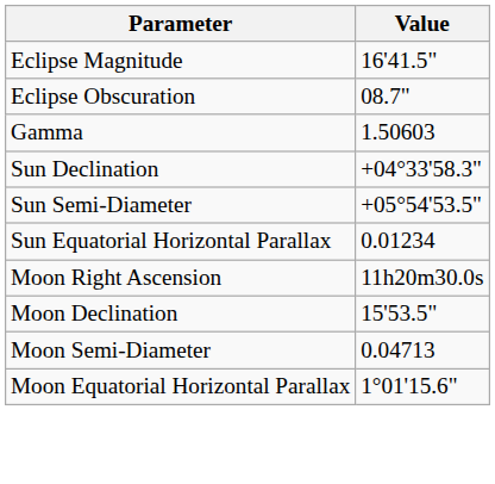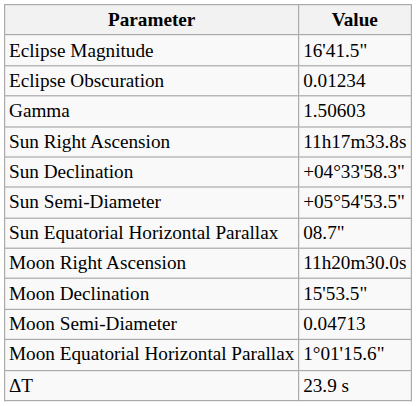 <table class="wikitable">
 <tr>
 <th>Parameter</th>
 <th>Value</th>
 </tr>
 <tr>
 <td>Eclipse Magnitude</td>
 <td>16'41.5"</td>
 </tr>
 <tr>
 <td>Eclipse Obscuration</td>
-<td>08.7"</td>
+<td>0.01234</td>
 </tr>
 <tr>
 <td>Gamma</td>
 <td>1.50603</td>
+</tr>
+<tr>
+<td>Sun Right Ascension</td>
+<td>11h17m33.8s</td>
 </tr>
 <tr>
 <td>Sun Declination</td>
 <td>+04°33'58.3"</td>
 </tr>
 <tr>
 <td>Sun Semi-Diameter</td>
 <td>+05°54'53.5"</td>
 </tr>
 <tr>
 <td>Sun Equatorial Horizontal Parallax</td>
-<td>0.01234</td>
+<td>08.7"</td>
 </tr>
 <tr>
 <td>Moon Right Ascension</td>
 <td>11h20m30.0s</td>
 </tr>
 <tr>
 <td>Moon Declination</td>
 <td>15'53.5"</td>
 </tr>
 <tr>
 <td>Moon Semi-Diameter</td>
 <td>0.04713</td>
 </tr>
 <tr>
 <td>Moon Equatorial Horizontal Parallax</td>
 <td>1°01'15.6"</td>
 </tr>
+<tr>
+<td>ΔT</td>
+<td>23.9 s</td>
+</tr>
 </table>
